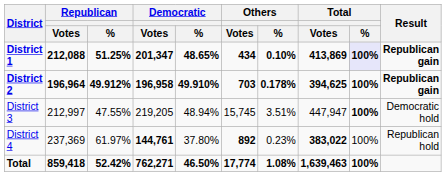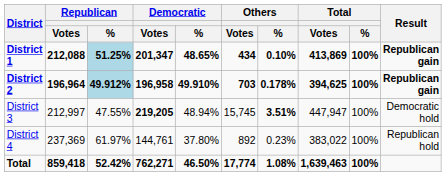 <table class="wikitable plainrowheaders sortable" style="font-size:100%; text-align:right;">
 <tr>
 <th scope=col rowspan=3><a href='#'>District</a></th>
 <th scope=col colspan=2><a href='#'>Republican</a></th>
 <th scope=col colspan=2><a href='#'>Democratic</a></th>
 <th scope=col colspan=2>Others</th>
 <th scope=col colspan=2>Total</th>
 <th scope=col rowspan=3>Result</th>
 </tr>
 <tr>
 <th scope=col colspan=2 style="background:"></th>
 <th scope=col colspan=2 style="background:"></th>
 <th scope=col colspan=2></th>
 <th scope=col colspan=2></th>
 </tr>
 <tr>
 <th scope=col data-sort-type="number">Votes</th>
 <th scope=col data-sort-type="number">%</th>
 <th scope=col data-sort-type="number">Votes</th>
 <th scope=col data-sort-type="number">%</th>
 <th scope=col data-sort-type="number">Votes</th>
 <th scope=col data-sort-type="number">%</th>
 <th scope=col data-sort-type="number">Votes</th>
 <th scope=col data-sort-type="number">%</th>
 </tr>
 <tr>
 <td align=left><strong><a href='#'>District 1</a></strong></td>
 <td><strong>212,088</strong></td>
-<td><strong>51.25%</strong></td>
+<td style="background: lightblue;"><strong>51.25%</strong></td>
 <td><strong>201,347</strong></td>
 <td><strong>48.65%</strong></td>
 <td><strong>434</strong></td>
 <td><strong>0.10%</strong></td>
 <td><strong>413,869</strong></td>
-<td style="background: lavender;"><strong>100%</strong></td>
+<td><strong>100%</strong></td>
 <td><strong>Republican gain</strong></td>
 </tr>
 <tr>
 <td align=left><strong><a href='#'>District 2</a></strong></td>
 <td><strong>196,964</strong></td>
-<td><strong>49.912% </strong></td>
+<td style="background: lightblue;"><strong>49.912% </strong></td>
 <td><strong>196,958</strong></td>
 <td><strong>49.910%</strong></td>
 <td><strong>703</strong></td>
 <td><strong>0.178%</strong></td>
 <td><strong>394,625</strong></td>
 <td><strong>100%</strong></td>
 <td><strong>Republican gain</strong></td>
 </tr>
 <tr>
 <td align=left><a href='#'>District 3</a></td>
 <td>212,997</td>
 <td>47.55%</td>
-<td>219,205</td>
+<td><strong>219,205</strong></td>
 <td>48.94%</td>
 <td>15,745</td>
-<td>3.51%</td>
+<td><strong>3.51%</strong></td>
 <td>447,947</td>
-<td><strong>100%</strong></td>
+<td>100%</td>
 <td>Democratic hold</td>
 </tr>
 <tr>
 <td align=left><a href='#'>District 4</a></td>
 <td>237,369</td>
 <td>61.97%</td>
-<td><strong>144,761</strong></td>
+<td>144,761</td>
 <td>37.80%</td>
-<td><strong>892</strong></td>
+<td>892</td>
 <td>0.23%</td>
-<td><strong>383,022</strong></td>
+<td>383,022</td>
 <td>100%</td>
 <td>Republican hold</td>
 </tr>
 <tr class="sortbottom" style="font-weight:bold">
 <td align=left>Total</td>
 <td><strong>859,418</strong></td>
 <td><strong>52.42%</strong></td>
 <td><strong>762,271</strong></td>
 <td><strong>46.50%</strong></td>
 <td><strong>17,774 </strong></td>
 <td><strong>1.08%</strong></td>
 <td><strong>1,639,463</strong></td>
 <td><strong>100%</strong></td>
 <td></td>
 </tr>
 </table>
